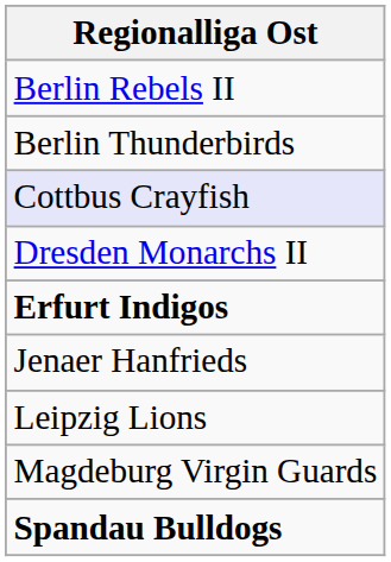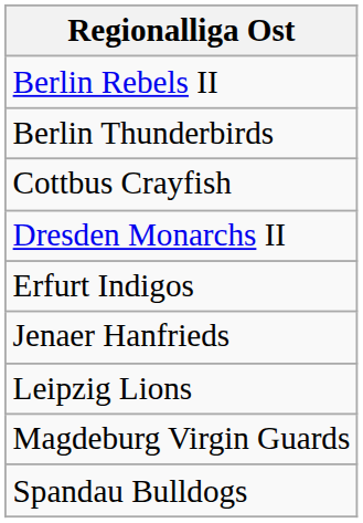 <table class="wikitable">
 <tr>
 <th>Regionalliga Ost</th>
 </tr>
 <tr>
 <td><a href='#'>Berlin Rebels</a> II</td>
 </tr>
 <tr>
 <td>Berlin Thunderbirds</td>
 </tr>
 <tr>
-<td style="background: lavender;">Cottbus Crayfish</td>
+<td>Cottbus Crayfish</td>
 </tr>
 <tr>
 <td><a href='#'>Dresden Monarchs</a> II</td>
 </tr>
 <tr>
-<td><strong>Erfurt Indigos</strong></td>
+<td>Erfurt Indigos</td>
 </tr>
 <tr>
 <td>Jenaer Hanfrieds</td>
 </tr>
 <tr>
 <td>Leipzig Lions</td>
 </tr>
 <tr>
 <td>Magdeburg Virgin Guards</td>
 </tr>
 <tr>
-<td><strong>Spandau Bulldogs</strong></td>
+<td>Spandau Bulldogs</td>
 </tr>
 </table>
